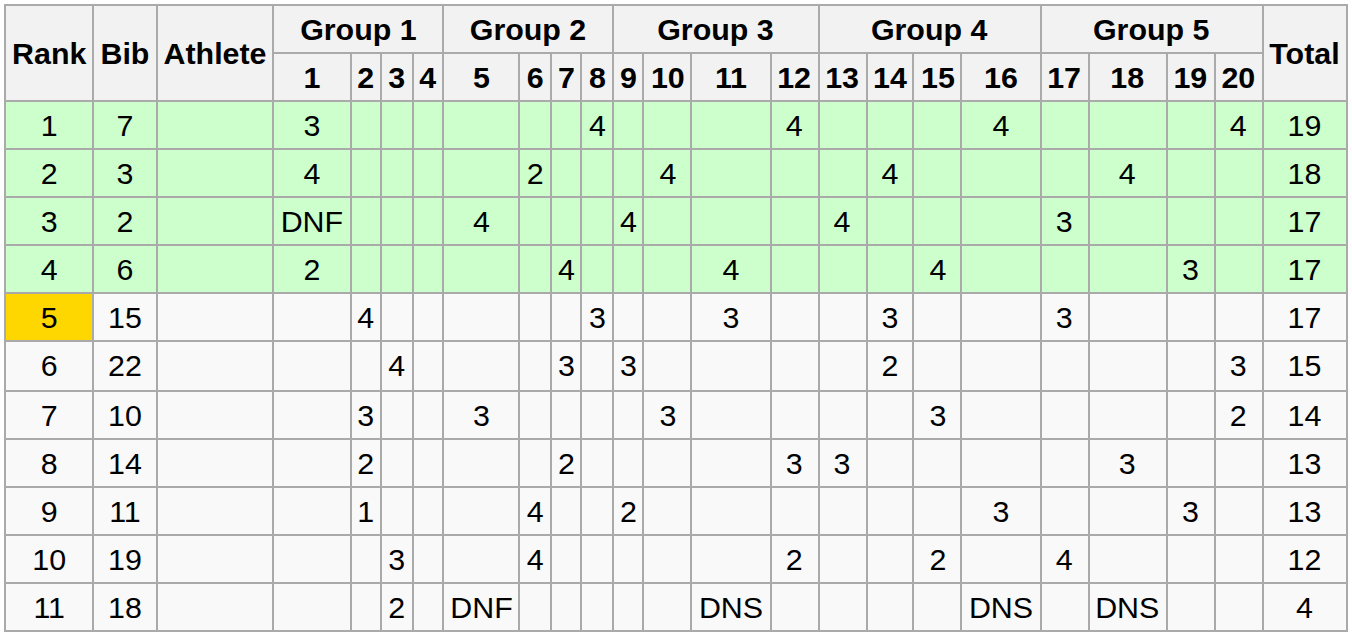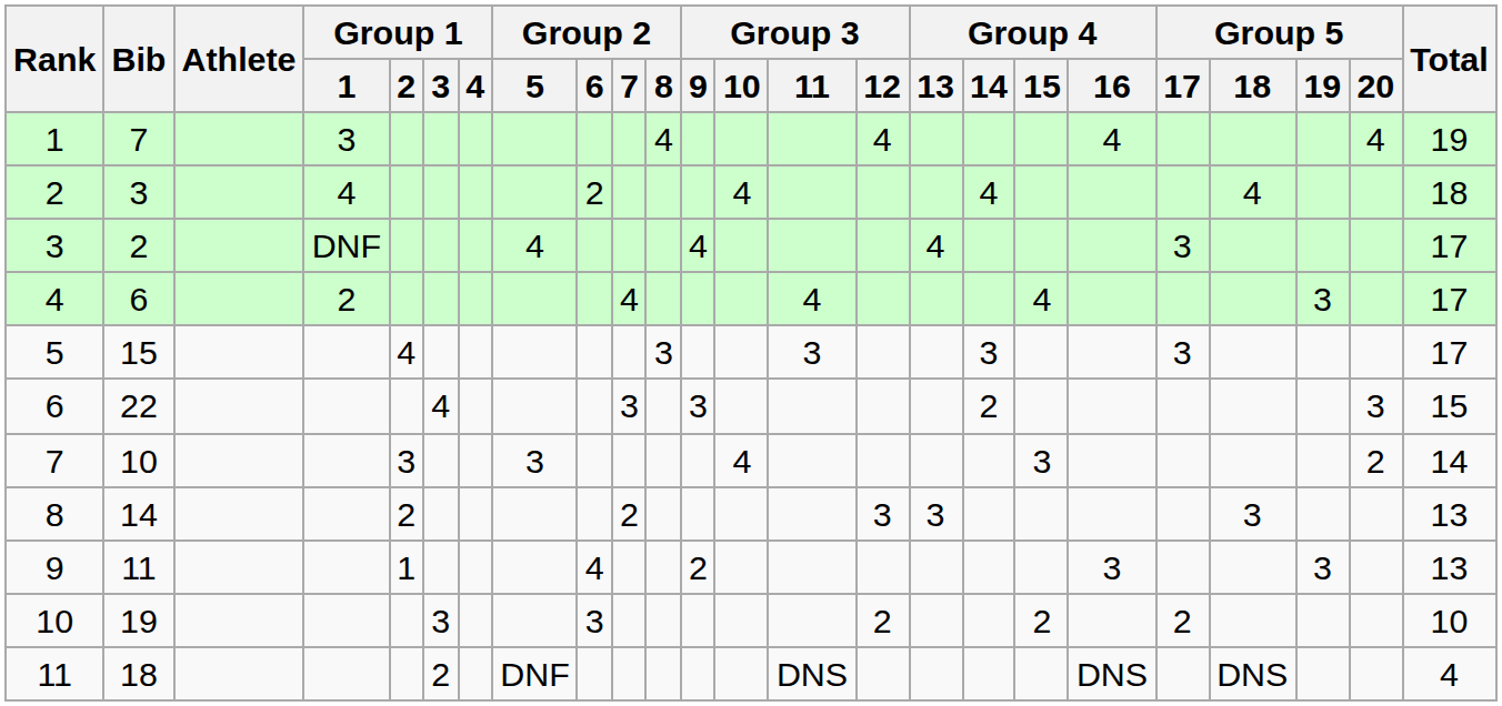 <table class="wikitable" style="text-align:center; font-size:95%">
 <tr>
 <th rowspan=2>Rank</th>
 <th rowspan=2>Bib</th>
 <th rowspan=2>Athlete</th>
 <th colspan=4>Group 1</th>
 <th colspan=4>Group 2</th>
 <th colspan=4>Group 3</th>
 <th colspan=4>Group 4</th>
 <th colspan=4>Group 5</th>
 <th rowspan=2>Total</th>
 </tr>
 <tr>
 <th>1</th>
 <th>2</th>
 <th>3</th>
 <th>4</th>
 <th>5</th>
 <th>6</th>
 <th>7</th>
 <th>8</th>
 <th>9</th>
 <th>10</th>
 <th>11</th>
 <th>12</th>
 <th>13</th>
 <th>14</th>
 <th>15</th>
 <th>16</th>
 <th>17</th>
 <th>18</th>
 <th>19</th>
 <th>20</th>
 </tr>
 <tr bgcolor=ccffcc>
 <td>1</td>
 <td>7</td>
 <td align=left></td>
 <td>3</td>
 <td></td>
 <td></td>
 <td></td>
 <td></td>
 <td></td>
 <td></td>
 <td>4</td>
 <td></td>
 <td></td>
 <td></td>
 <td>4</td>
 <td></td>
 <td></td>
 <td></td>
 <td>4</td>
 <td></td>
 <td></td>
 <td></td>
 <td>4</td>
 <td>19</td>
 </tr>
 <tr bgcolor=ccffcc>
 <td>2</td>
 <td>3</td>
 <td align=left></td>
 <td>4</td>
 <td></td>
 <td></td>
 <td></td>
 <td></td>
 <td>2</td>
 <td></td>
 <td></td>
 <td></td>
 <td>4</td>
 <td></td>
 <td></td>
 <td></td>
 <td>4</td>
 <td></td>
 <td></td>
 <td></td>
 <td>4</td>
 <td></td>
 <td></td>
 <td>18</td>
 </tr>
 <tr bgcolor=ccffcc>
 <td>3</td>
 <td>2</td>
 <td align=left></td>
 <td>DNF</td>
 <td></td>
 <td></td>
 <td></td>
 <td>4</td>
 <td></td>
 <td></td>
 <td></td>
 <td>4</td>
 <td></td>
 <td></td>
 <td></td>
 <td>4</td>
 <td></td>
 <td></td>
 <td></td>
 <td>3</td>
 <td></td>
 <td></td>
 <td></td>
 <td>17</td>
 </tr>
 <tr bgcolor=ccffcc>
 <td>4</td>
 <td>6</td>
 <td align=left></td>
 <td>2</td>
 <td></td>
 <td></td>
 <td></td>
 <td></td>
 <td></td>
 <td>4</td>
 <td></td>
 <td></td>
 <td></td>
 <td>4</td>
 <td></td>
 <td></td>
 <td></td>
 <td>4</td>
 <td></td>
 <td></td>
 <td></td>
 <td>3</td>
 <td></td>
 <td>17</td>
 </tr>
 <tr>
-<td style="background: gold;">5</td>
+<td>5</td>
 <td>15</td>
 <td align=left></td>
 <td></td>
 <td>4</td>
 <td></td>
 <td></td>
 <td></td>
 <td></td>
 <td></td>
 <td>3</td>
 <td></td>
 <td></td>
 <td>3</td>
 <td></td>
 <td></td>
 <td>3</td>
 <td></td>
 <td></td>
 <td>3</td>
 <td></td>
 <td></td>
 <td></td>
 <td>17</td>
 </tr>
 <tr>
 <td>6</td>
 <td>22</td>
 <td align=left></td>
 <td></td>
 <td></td>
 <td>4</td>
 <td></td>
 <td></td>
 <td></td>
 <td>3</td>
 <td></td>
 <td>3</td>
 <td></td>
 <td></td>
 <td></td>
 <td></td>
 <td>2</td>
 <td></td>
 <td></td>
 <td></td>
 <td></td>
 <td></td>
 <td>3</td>
 <td>15</td>
 </tr>
 <tr>
 <td>7</td>
 <td>10</td>
 <td align=left></td>
 <td></td>
 <td>3</td>
 <td></td>
 <td></td>
 <td>3</td>
 <td></td>
 <td></td>
 <td></td>
 <td></td>
-<td>3</td>
+<td>4</td>
 <td></td>
 <td></td>
 <td></td>
 <td></td>
 <td>3</td>
 <td></td>
 <td></td>
 <td></td>
 <td></td>
 <td>2</td>
 <td>14</td>
 </tr>
 <tr>
 <td>8</td>
 <td>14</td>
 <td align=left></td>
 <td></td>
 <td>2</td>
 <td></td>
 <td></td>
 <td></td>
 <td></td>
 <td>2</td>
 <td></td>
 <td></td>
 <td></td>
 <td></td>
 <td>3</td>
 <td>3</td>
 <td></td>
 <td></td>
 <td></td>
 <td></td>
 <td>3</td>
 <td></td>
 <td></td>
 <td>13</td>
 </tr>
 <tr>
 <td>9</td>
 <td>11</td>
 <td align=left></td>
 <td></td>
 <td>1</td>
 <td></td>
 <td></td>
 <td></td>
 <td>4</td>
 <td></td>
 <td></td>
 <td>2</td>
 <td></td>
 <td></td>
 <td></td>
 <td></td>
 <td></td>
 <td></td>
 <td>3</td>
 <td></td>
 <td></td>
 <td>3</td>
 <td></td>
 <td>13</td>
 </tr>
 <tr>
 <td>10</td>
 <td>19</td>
 <td align=left></td>
 <td></td>
 <td></td>
 <td>3</td>
 <td></td>
 <td></td>
-<td>4</td>
+<td>3</td>
 <td></td>
 <td></td>
 <td></td>
 <td></td>
 <td></td>
 <td>2</td>
 <td></td>
 <td></td>
 <td>2</td>
 <td></td>
-<td>4</td>
+<td>2</td>
 <td></td>
 <td></td>
 <td></td>
-<td>12</td>
+<td>10</td>
 </tr>
 <tr>
 <td>11</td>
 <td>18</td>
 <td align=left></td>
 <td></td>
 <td></td>
 <td>2</td>
 <td></td>
 <td>DNF</td>
 <td></td>
 <td></td>
 <td></td>
 <td></td>
 <td></td>
 <td>DNS</td>
 <td></td>
 <td></td>
 <td></td>
 <td></td>
 <td>DNS</td>
 <td></td>
 <td>DNS</td>
 <td></td>
 <td></td>
 <td>4</td>
 </tr>
 </table>
